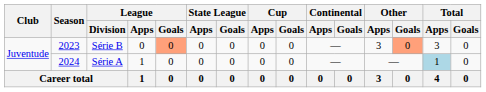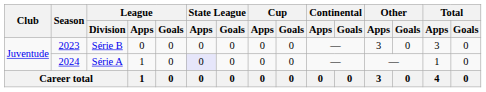 <table class="wikitable" style="text-align: center;">
 <tr>
 <th rowspan="2">Club</th>
 <th rowspan="2">Season</th>
 <th colspan="3">League</th>
 <th colspan="2">State League</th>
 <th colspan="2">Cup</th>
 <th colspan="2">Continental</th>
 <th colspan="2">Other</th>
 <th colspan="2">Total</th>
 </tr>
 <tr>
 <th>Division</th>
 <th>Apps</th>
 <th>Goals</th>
 <th>Apps</th>
 <th>Goals</th>
 <th>Apps</th>
 <th>Goals</th>
 <th>Apps</th>
 <th>Goals</th>
 <th>Apps</th>
 <th>Goals</th>
 <th>Apps</th>
 <th>Goals</th>
 </tr>
 <tr>
 <td rowspan=2><a href='#'>Juventude</a></td>
 <td><a href='#'>2023</a></td>
 <td><a href='#'>Série B</a></td>
 <td>0</td>
-<td style="background: lightsalmon;">0</td>
+<td>0</td>
 <td>0</td>
 <td>0</td>
 <td>0</td>
 <td>0</td>
 <td colspan=2>—</td>
 <td>3</td>
-<td style="background: lightsalmon;">0</td>
+<td>0</td>
 <td>3</td>
 <td>0</td>
 </tr>
 <tr>
 <td><a href='#'>2024</a></td>
 <td><a href='#'>Série A</a></td>
 <td>1</td>
 <td>0</td>
-<td>0</td>
+<td style="background: lavender;">0</td>
 <td>0</td>
 <td>0</td>
 <td>0</td>
 <td colspan=2>—</td>
 <td colspan=2>—</td>
-<td style="background: lightblue;">1</td>
+<td>1</td>
 <td>0</td>
 </tr>
 <tr>
 <th colspan=3><strong>Career total</strong></th>
 <th>1</th>
 <th>0</th>
 <th>0</th>
 <th>0</th>
 <th>0</th>
 <th>0</th>
 <th>0</th>
 <th>0</th>
 <th>3</th>
 <th>0</th>
 <th>4</th>
 <th>0</th>
 </tr>
 </table>
